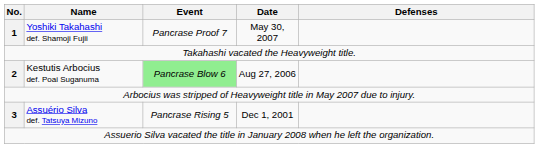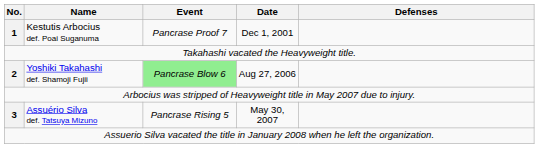 <table class="wikitable" width=100%>
 <tr>
 <th width=1%>No.</th>
 <th width=23%>Name</th>
 <th width=18%>Event</th>
 <th width=12%>Date</th>
 <th width=46%>Defenses</th>
 </tr>
 <tr>
 <th>1</th>
-<td align=left> <a href='#'>Yoshiki Takahashi</a><br><small>def. Shamoji Fujii</small></td>
+<td align=left> Kestutis Arbocius<br><small>def. Poai Suganuma</small></td>
 <td align=center><em>Pancrase Proof 7</em><br></td>
-<td align=center>May 30, 2007</td>
+<td align=center>Dec 1, 2001</td>
 <td><br></td>
 </tr>
 <tr>
 <td colspan=5 align=center><em>Takahashi vacated the Heavyweight title.</em></td>
 </tr>
 <tr>
 <th>2</th>
-<td align=left> Kestutis Arbocius<br><small>def. Poai Suganuma</small></td>
+<td align=left> <a href='#'>Yoshiki Takahashi</a><br><small>def. Shamoji Fujii</small></td>
 <td align=center style="background: lightgreen;"><em>Pancrase Blow 6</em><br></td>
 <td align=center>Aug 27, 2006</td>
 <td></td>
 </tr>
 <tr>
 <td colspan=5 align=center><em>Arbocius was stripped of Heavyweight title in May 2007 due to injury.</em></td>
 </tr>
 <tr>
 <th>3</th>
 <td align=left> <a href='#'>Assuério Silva</a><br><small>def. <a href='#'>Tatsuya Mizuno</a></small></td>
 <td align=center><em>Pancrase Rising 5</em><br></td>
-<td align=center>Dec 1, 2001</td>
+<td align=center>May 30, 2007</td>
 <td></td>
 </tr>
 <tr>
 <td colspan=5 align=center><em>Assuerio Silva vacated the title in January 2008 when he left the organization.</em></td>
 </tr>
 </table>
